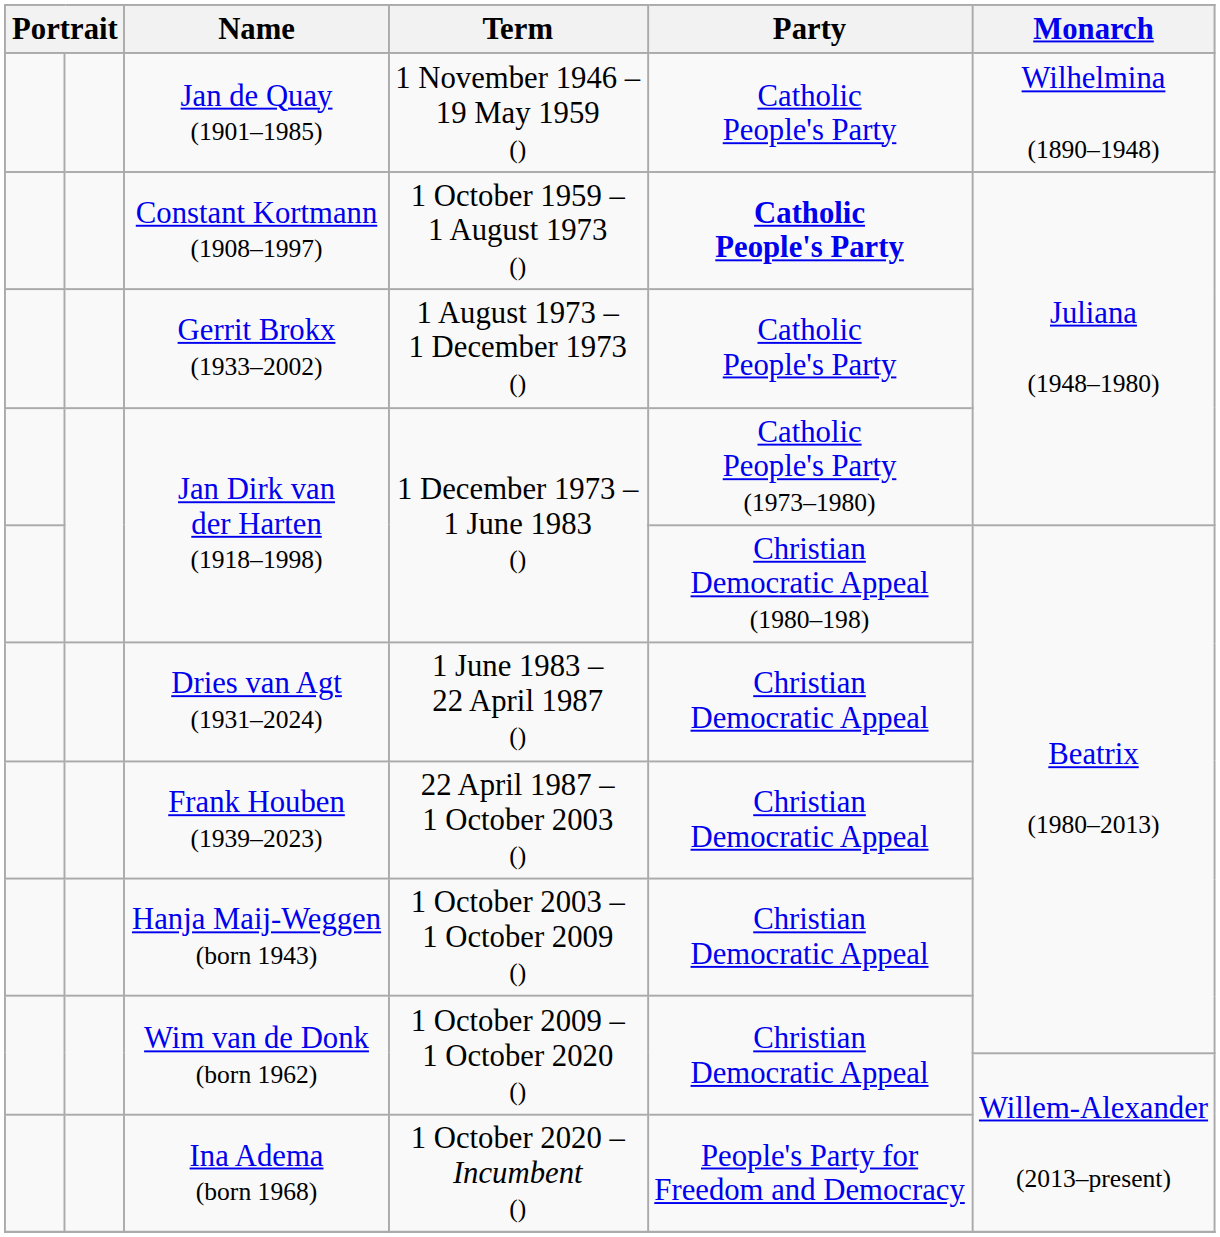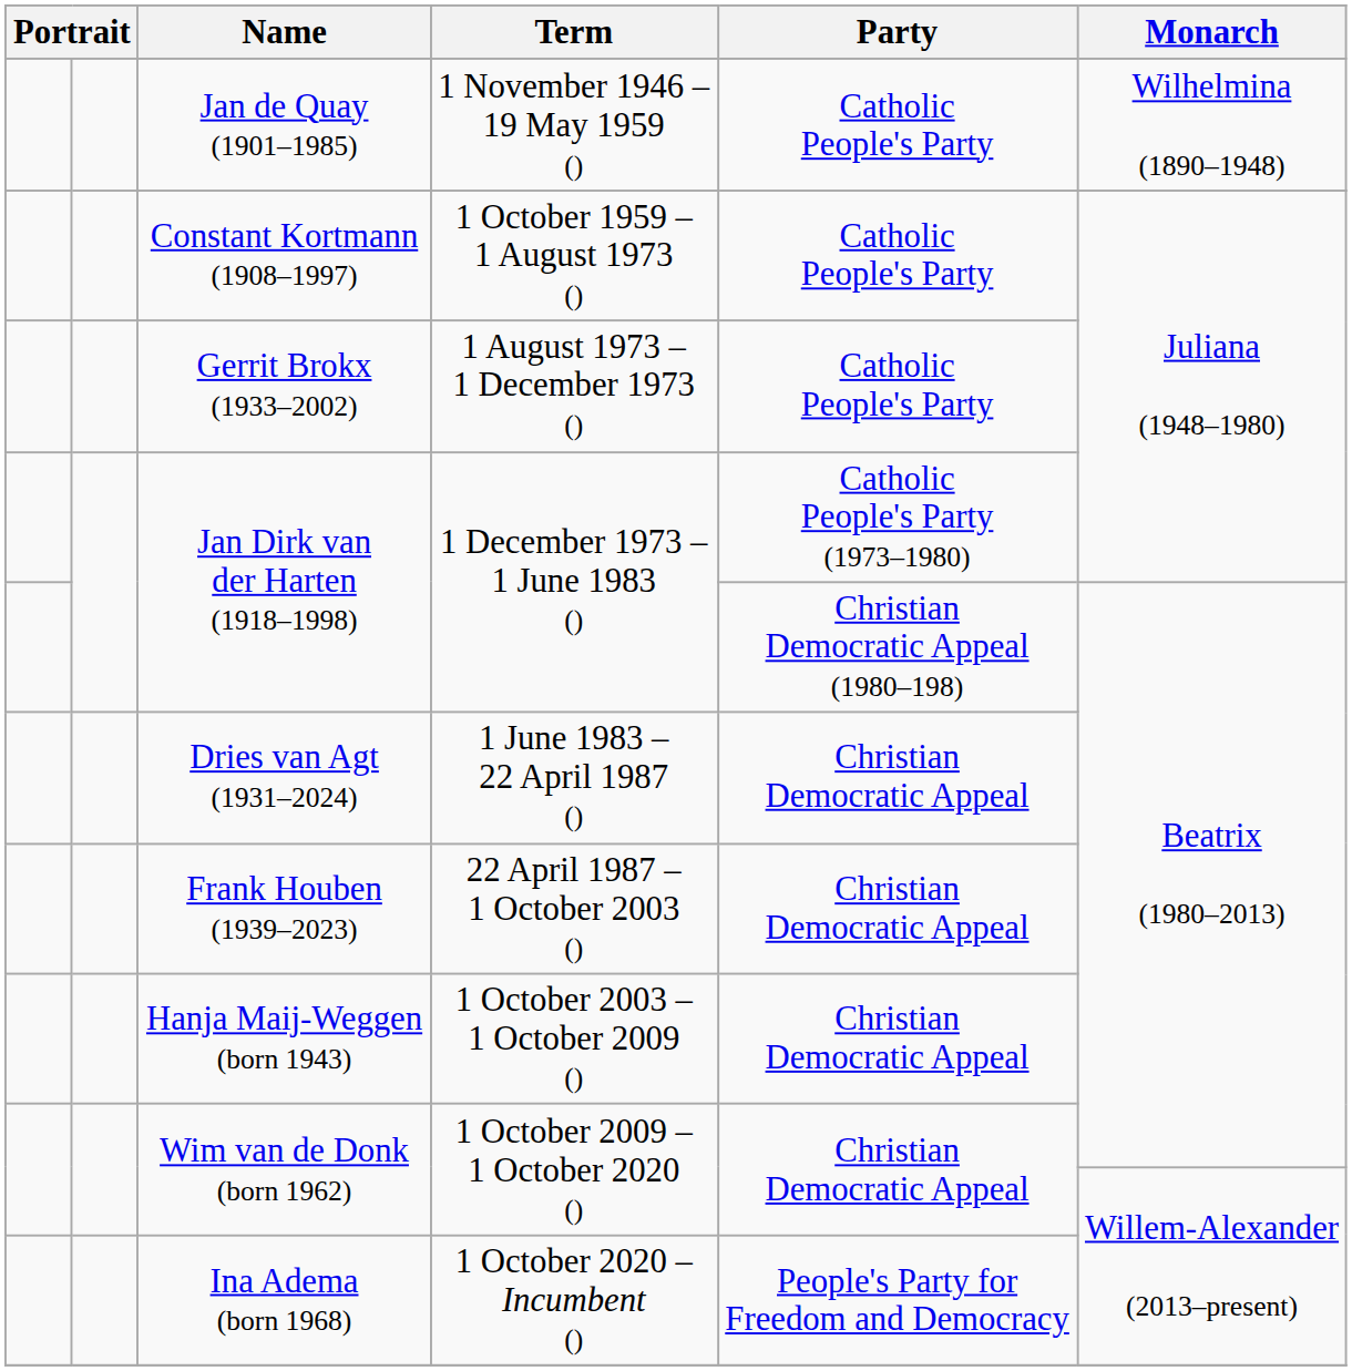 <table class="wikitable" style="text-align:center">
 <tr>
 <th colspan=2>Portrait</th>
 <th>Name<br></th>
 <th>Term</th>
 <th>Party</th>
 <th><a href='#'>Monarch</a></th>
 </tr>
 <tr>
 <td rowspan=2 style="background:"></td>
 <td rowspan=2></td>
 <td rowspan=2><a href='#'>Jan de Quay</a> <br> <small>(1901–1985)</small></td>
 <td rowspan=2>1 November 1946 – <br> 19 May 1959 <br> <small>()</small> <br> </td>
 <td rowspan=2><a href='#'>Catholic <br> People's Party</a></td>
 <td><a href='#'>Wilhelmina</a><br><br><small>(1890–1948)</small></td>
 </tr>
 <tr>
 <td rowspan=4><a href='#'>Juliana</a><br><br><small>(1948–1980)</small></td>
 </tr>
 <tr>
 <td style="background:"></td>
 <td></td>
 <td><a href='#'>Constant Kortmann</a> <br> <small>(1908–1997)</small></td>
 <td>1 October 1959 – <br> 1 August 1973 <br> <small>()</small></td>
-<td><strong><a href='#'>Catholic <br> People's Party</a></strong></td>
+<td><a href='#'>Catholic <br> People's Party</a></td>
 </tr>
 <tr>
 <td style="background:"></td>
 <td></td>
 <td><a href='#'>Gerrit Brokx</a> <br> <small>(1933–2002)</small></td>
 <td>1 August 1973 – <br> 1 December 1973 <br> <small>()</small> <br> </td>
 <td><a href='#'>Catholic <br> People's Party</a></td>
 </tr>
 <tr>
 <td style="background:"></td>
 <td rowspan=2></td>
 <td rowspan=2><a href='#'>Jan Dirk van <br> der Harten</a> <br> <small>(1918–1998)</small> <br> </td>
 <td rowspan=2>1 December 1973 – <br> 1 June 1983 <br> <small>()</small></td>
 <td><a href='#'>Catholic <br> People's Party</a> <br> <small>(1973–1980)</small></td>
 </tr>
 <tr>
 <td style="background:"></td>
 <td><a href='#'>Christian <br> Democratic Appeal</a> <br> <small>(1980–198)</small></td>
 <td rowspan=5><a href='#'>Beatrix</a><br><br><small>(1980–2013)</small></td>
 </tr>
 <tr>
 <td style="background:"></td>
 <td></td>
 <td><a href='#'>Dries van Agt</a> <br> <small>(1931–2024)</small> <br> </td>
 <td>1 June 1983 – <br> 22 April 1987 <br> <small>()</small> <br> </td>
 <td><a href='#'>Christian <br> Democratic Appeal</a></td>
 </tr>
 <tr>
 <td style="background:"></td>
 <td></td>
 <td><a href='#'>Frank Houben</a> <br> <small>(1939–2023)</small> <br> </td>
 <td>22 April 1987 – <br> 1 October 2003 <br> <small>()</small></td>
 <td><a href='#'>Christian <br> Democratic Appeal</a></td>
 </tr>
 <tr>
 <td style="background:"></td>
 <td></td>
 <td><a href='#'>Hanja Maij-Weggen</a> <br> <small>(born 1943)</small> <br> </td>
 <td>1 October 2003 – <br> 1 October 2009 <br> <small>()</small></td>
 <td><a href='#'>Christian <br> Democratic Appeal</a></td>
 </tr>
 <tr style="height: 4ex;">
 <td rowspan=2 style="background:"></td>
 <td rowspan=2></td>
 <td rowspan=2><a href='#'>Wim van de Donk</a> <br> <small>(born 1962)</small> <br> </td>
 <td rowspan=2>1 October 2009 – <br> 1 October 2020 <br> <small>()</small></td>
 <td rowspan=2><a href='#'>Christian <br> Democratic Appeal</a></td>
 </tr>
 <tr>
 <td rowspan=2><a href='#'>Willem-Alexander</a><br><br><small>(2013–present)</small></td>
 </tr>
 <tr>
 <td style="background:"></td>
 <td></td>
 <td><a href='#'>Ina Adema</a> <br> <small>(born 1968)</small> <br> </td>
 <td>1 October 2020 – <br> <em>Incumbent</em> <br> <small>()</small></td>
 <td><a href='#'>People's Party for <br> Freedom and Democracy</a></td>
 </tr>
 <tr>
 </tr>
 </table>
